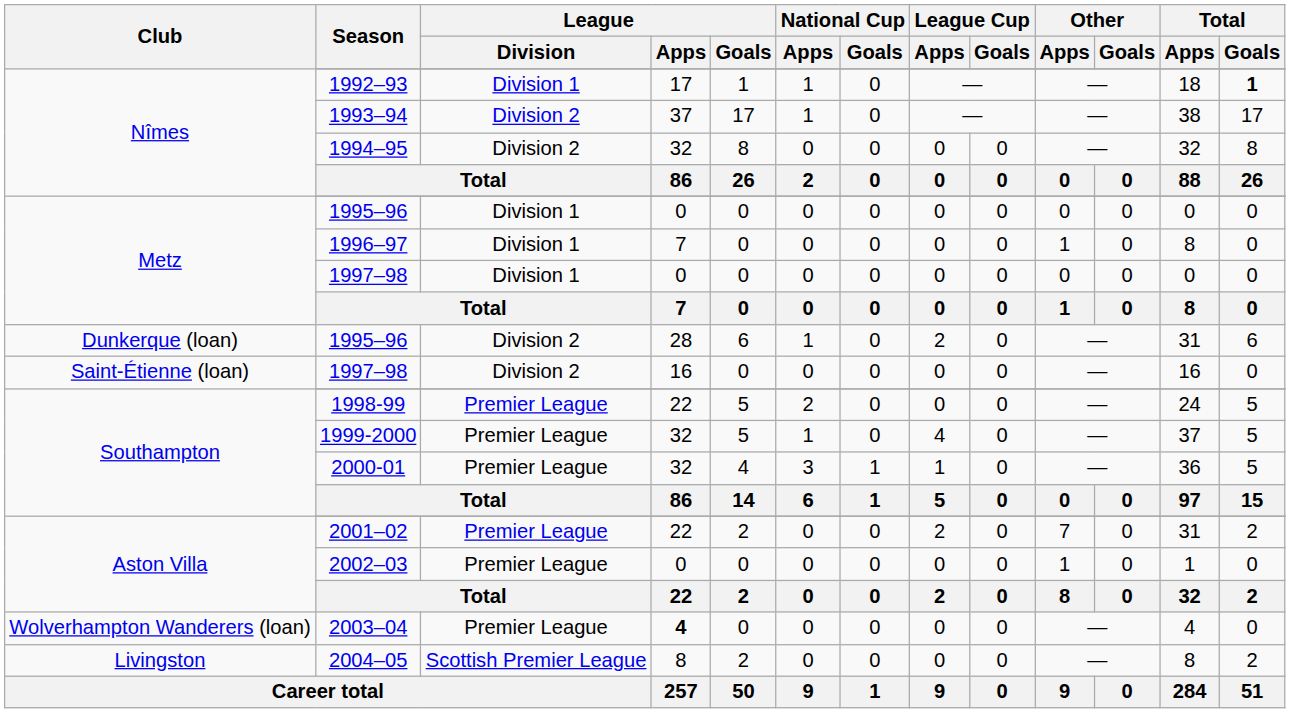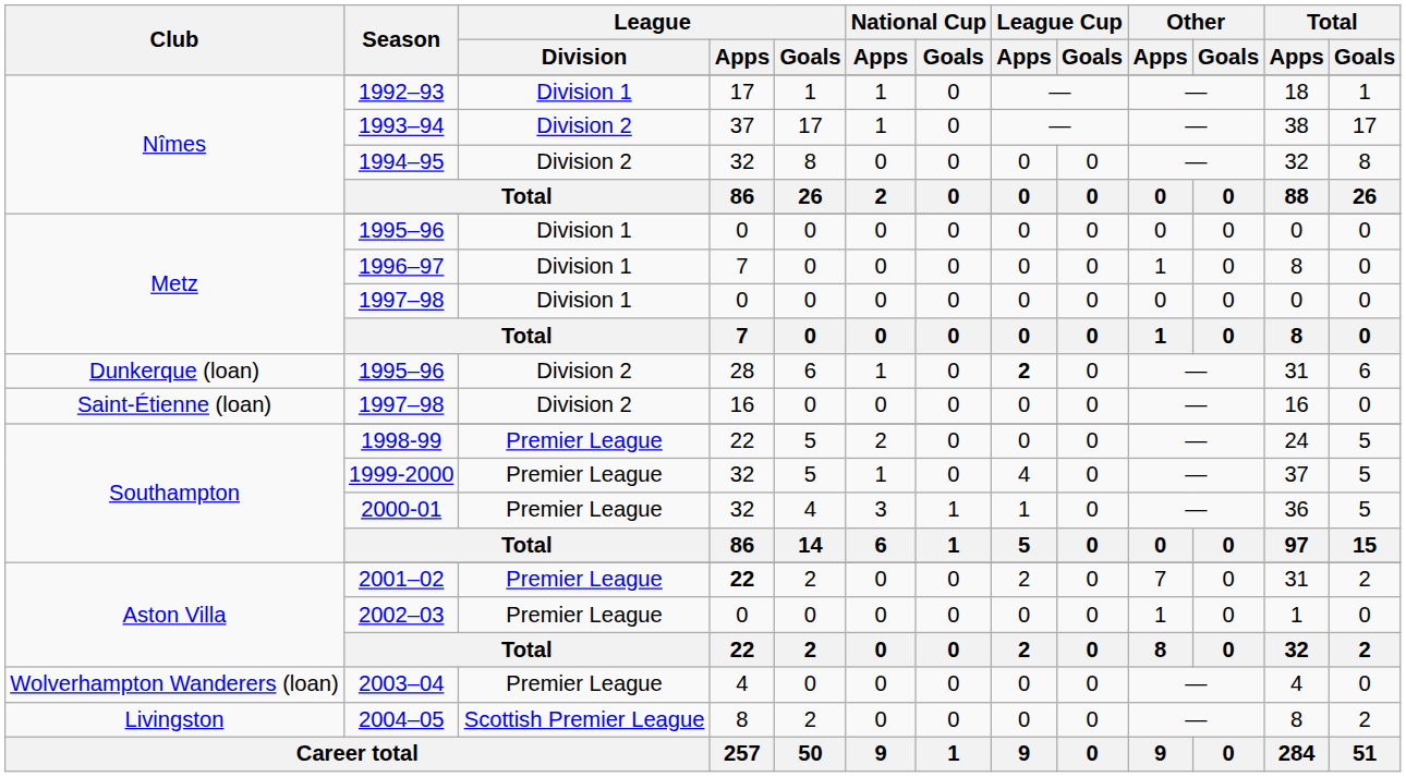 <table class=wikitable style=text-align:center>
 <tr>
 <th rowspan=2>Club</th>
 <th rowspan=2>Season</th>
 <th colspan=3>League</th>
 <th colspan=2>National Cup</th>
 <th colspan=2>League Cup</th>
 <th colspan=2>Other</th>
 <th colspan=2>Total</th>
 </tr>
 <tr>
 <th>Division</th>
 <th>Apps</th>
 <th>Goals</th>
 <th>Apps</th>
 <th>Goals</th>
 <th>Apps</th>
 <th>Goals</th>
 <th>Apps</th>
 <th>Goals</th>
 <th>Apps</th>
 <th>Goals</th>
 </tr>
 <tr>
 <td rowspan=5><a href='#'>Nîmes</a></td>
 </tr>
 <tr>
 <td><a href='#'>1992–93</a></td>
 <td><a href='#'>Division 1</a></td>
 <td>17</td>
 <td>1</td>
 <td>1</td>
 <td>0</td>
 <td colspan=2>—</td>
 <td colspan=2>—</td>
 <td>18</td>
-<td><strong>1</strong></td>
+<td>1</td>
 </tr>
 <tr>
 <td><a href='#'>1993–94</a></td>
 <td><a href='#'>Division 2</a></td>
 <td>37</td>
 <td>17</td>
 <td>1</td>
 <td>0</td>
 <td colspan=2>—</td>
 <td colspan=2>—</td>
 <td>38</td>
 <td>17</td>
 </tr>
 <tr>
 <td><a href='#'>1994–95</a></td>
 <td>Division 2</td>
 <td>32</td>
 <td>8</td>
 <td>0</td>
 <td>0</td>
 <td>0</td>
 <td>0</td>
 <td colspan=2>—</td>
 <td>32</td>
 <td>8</td>
 </tr>
 <tr>
 <th colspan=2>Total</th>
 <th>86</th>
 <th>26</th>
 <th>2</th>
 <th>0</th>
 <th>0</th>
 <th>0</th>
 <th>0</th>
 <th>0</th>
 <th>88</th>
 <th>26</th>
 </tr>
 <tr>
 <td rowspan=5><a href='#'>Metz</a></td>
 </tr>
 <tr>
 <td><a href='#'>1995–96</a></td>
 <td>Division 1</td>
 <td>0</td>
 <td>0</td>
 <td>0</td>
 <td>0</td>
 <td>0</td>
 <td>0</td>
 <td>0</td>
 <td>0</td>
 <td>0</td>
 <td>0</td>
 </tr>
 <tr>
 <td><a href='#'>1996–97</a></td>
 <td>Division 1</td>
 <td>7</td>
 <td>0</td>
 <td>0</td>
 <td>0</td>
 <td>0</td>
 <td>0</td>
 <td>1</td>
 <td>0</td>
 <td>8</td>
 <td>0</td>
 </tr>
 <tr>
 <td><a href='#'>1997–98</a></td>
 <td>Division 1</td>
 <td>0</td>
 <td>0</td>
 <td>0</td>
 <td>0</td>
 <td>0</td>
 <td>0</td>
 <td>0</td>
 <td>0</td>
 <td>0</td>
 <td>0</td>
 </tr>
 <tr>
 <th colspan=2>Total</th>
 <th>7</th>
 <th>0</th>
 <th>0</th>
 <th>0</th>
 <th>0</th>
 <th>0</th>
 <th>1</th>
 <th>0</th>
 <th>8</th>
 <th>0</th>
 </tr>
 <tr>
 <td><a href='#'>Dunkerque</a> (loan)</td>
 <td><a href='#'>1995–96</a></td>
 <td>Division 2</td>
 <td>28</td>
 <td>6</td>
 <td>1</td>
 <td>0</td>
-<td>2</td>
+<td><strong>2</strong></td>
 <td>0</td>
 <td colspan=2>—</td>
 <td>31</td>
 <td>6</td>
 </tr>
 <tr>
 <td><a href='#'>Saint-Étienne</a> (loan)</td>
 <td><a href='#'>1997–98</a></td>
 <td>Division 2</td>
 <td>16</td>
 <td>0</td>
 <td>0</td>
 <td>0</td>
 <td>0</td>
 <td>0</td>
 <td colspan=2>—</td>
 <td>16</td>
 <td>0</td>
 </tr>
 <tr>
 <td rowspan=5><a href='#'>Southampton</a></td>
 </tr>
 <tr>
 <td><a href='#'>1998-99</a></td>
 <td><a href='#'>Premier League</a></td>
 <td>22</td>
 <td>5</td>
 <td>2</td>
 <td>0</td>
 <td>0</td>
 <td>0</td>
 <td colspan=2>—</td>
 <td>24</td>
 <td>5</td>
 </tr>
 <tr>
 <td><a href='#'>1999-2000</a></td>
 <td>Premier League</td>
 <td>32</td>
 <td>5</td>
 <td>1</td>
 <td>0</td>
 <td>4</td>
 <td>0</td>
 <td colspan=2>—</td>
 <td>37</td>
 <td>5</td>
 </tr>
 <tr>
 <td><a href='#'>2000-01</a></td>
 <td>Premier League</td>
 <td>32</td>
 <td>4</td>
 <td>3</td>
 <td>1</td>
 <td>1</td>
 <td>0</td>
 <td colspan=2>—</td>
 <td>36</td>
 <td>5</td>
 </tr>
 <tr>
 <th colspan=2>Total</th>
 <th>86</th>
 <th>14</th>
 <th>6</th>
 <th>1</th>
 <th>5</th>
 <th>0</th>
 <th>0</th>
 <th>0</th>
 <th>97</th>
 <th>15</th>
 </tr>
 <tr>
 <td rowspan=4><a href='#'>Aston Villa</a></td>
 </tr>
 <tr>
 <td><a href='#'>2001–02</a></td>
 <td><a href='#'>Premier League</a></td>
-<td>22</td>
+<td><strong>22</strong></td>
 <td>2</td>
 <td>0</td>
 <td>0</td>
 <td>2</td>
 <td>0</td>
 <td>7</td>
 <td>0</td>
 <td>31</td>
 <td>2</td>
 </tr>
 <tr>
 <td><a href='#'>2002–03</a></td>
 <td>Premier League</td>
 <td>0</td>
 <td>0</td>
 <td>0</td>
 <td>0</td>
 <td>0</td>
 <td>0</td>
 <td>1</td>
 <td>0</td>
 <td>1</td>
 <td>0</td>
 </tr>
 <tr>
 <th colspan=2>Total</th>
 <th>22</th>
 <th>2</th>
 <th>0</th>
 <th>0</th>
 <th>2</th>
 <th>0</th>
 <th>8</th>
 <th>0</th>
 <th>32</th>
 <th>2</th>
 </tr>
 <tr>
 <td><a href='#'>Wolverhampton Wanderers</a> (loan)</td>
 <td><a href='#'>2003–04</a></td>
 <td>Premier League</td>
-<td><strong>4</strong></td>
+<td>4</td>
 <td>0</td>
 <td>0</td>
 <td>0</td>
 <td>0</td>
 <td>0</td>
 <td colspan=2>—</td>
 <td>4</td>
 <td>0</td>
 </tr>
 <tr>
 <td><a href='#'>Livingston</a></td>
 <td><a href='#'>2004–05</a></td>
 <td><a href='#'>Scottish Premier League</a></td>
 <td>8</td>
 <td>2</td>
 <td>0</td>
 <td>0</td>
 <td>0</td>
 <td>0</td>
 <td colspan=2>—</td>
 <td>8</td>
 <td>2</td>
 </tr>
 <tr>
 <th colspan=3>Career total</th>
 <th>257</th>
 <th>50</th>
 <th>9</th>
 <th>1</th>
 <th>9</th>
 <th>0</th>
 <th>9</th>
 <th>0</th>
 <th>284</th>
 <th>51</th>
 </tr>
 </table>
